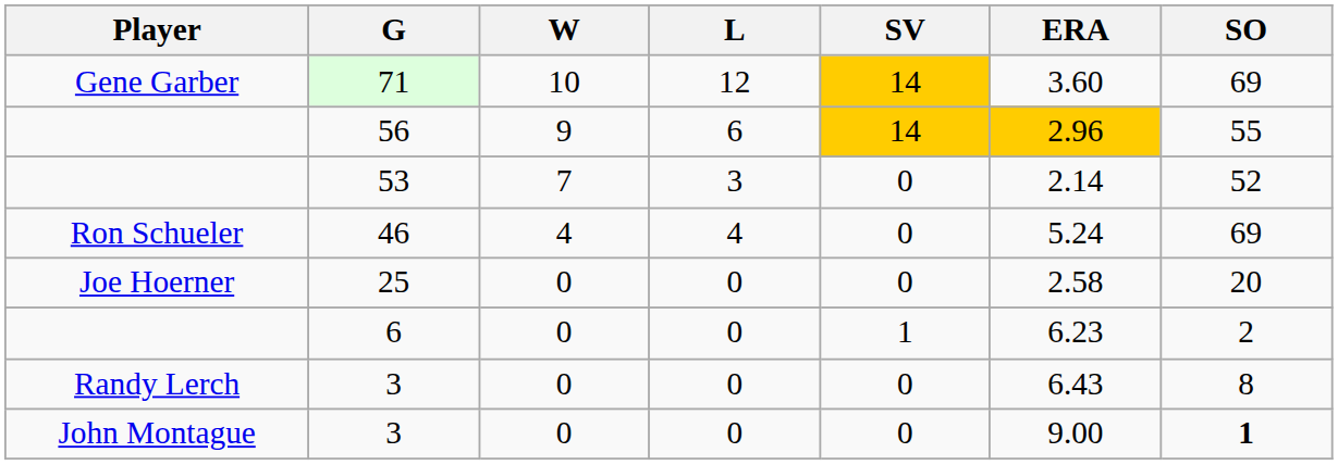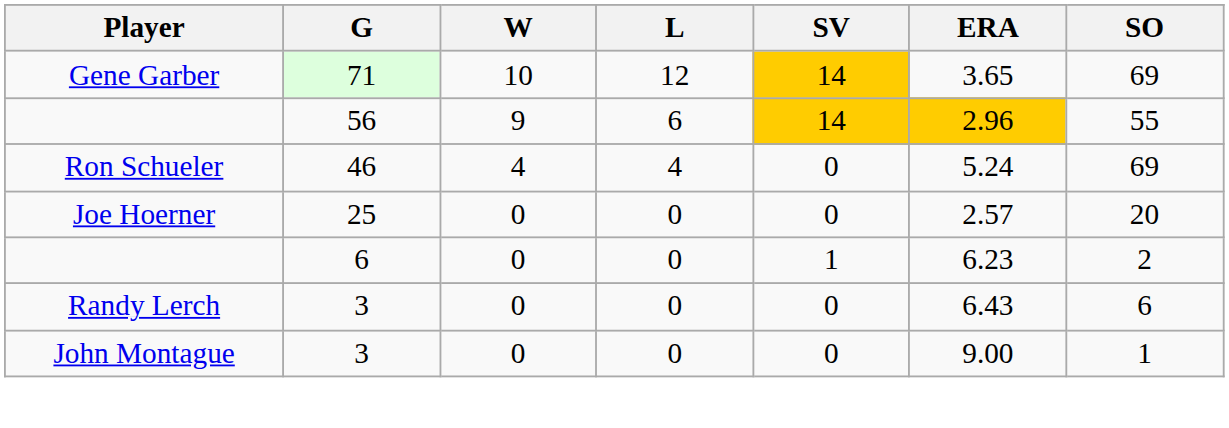 <table class="wikitable sortable">
 <tr>
 <th bgcolor="#DDDDFF" width="16%">Player</th>
 <th bgcolor="#DDDDFF" width="9%">G</th>
 <th bgcolor="#DDDDFF" width="9%">W</th>
 <th bgcolor="#DDDDFF" width="9%">L</th>
 <th bgcolor="#DDDDFF" width="9%">SV</th>
 <th bgcolor="#DDDDFF" width="9%">ERA</th>
 <th bgcolor="#DDDDFF" width="9%">SO</th>
 </tr>
 <tr align="center">
 <td><a href='#'>Gene Garber</a></td>
 <td style="background:#DDFFDD;">71</td>
 <td>10</td>
 <td>12</td>
 <td style="background:#fc0;">14</td>
-<td>3.60</td>
+<td>3.65</td>
 <td>69</td>
 </tr>
 <tr align="center">
 <td></td>
 <td>56</td>
 <td>9</td>
 <td>6</td>
 <td style="background:#fc0;">14</td>
 <td style="background:#fc0;">2.96</td>
 <td>55</td>
-</tr>
-<tr align="center">
-<td></td>
-<td>53</td>
-<td>7</td>
-<td>3</td>
-<td>0</td>
-<td>2.14</td>
-<td>52</td>
 </tr>
 <tr align="center">
 <td><a href='#'>Ron Schueler</a></td>
 <td>46</td>
 <td>4</td>
 <td>4</td>
 <td>0</td>
 <td>5.24</td>
 <td>69</td>
 </tr>
 <tr align="center">
 <td><a href='#'>Joe Hoerner</a></td>
 <td>25</td>
 <td>0</td>
 <td>0</td>
 <td>0</td>
-<td>2.58</td>
+<td>2.57</td>
 <td>20</td>
 </tr>
 <tr align="center">
 <td></td>
 <td>6</td>
 <td>0</td>
 <td>0</td>
 <td>1</td>
 <td>6.23</td>
 <td>2</td>
 </tr>
 <tr align="center">
 <td><a href='#'>Randy Lerch</a></td>
 <td>3</td>
 <td>0</td>
 <td>0</td>
 <td>0</td>
 <td>6.43</td>
-<td>8</td>
+<td>6</td>
 </tr>
 <tr align="center">
 <td><a href='#'>John Montague</a></td>
 <td>3</td>
 <td>0</td>
 <td>0</td>
 <td>0</td>
 <td>9.00</td>
-<td><strong>1</strong></td>
+<td>1</td>
 </tr>
 </table>
